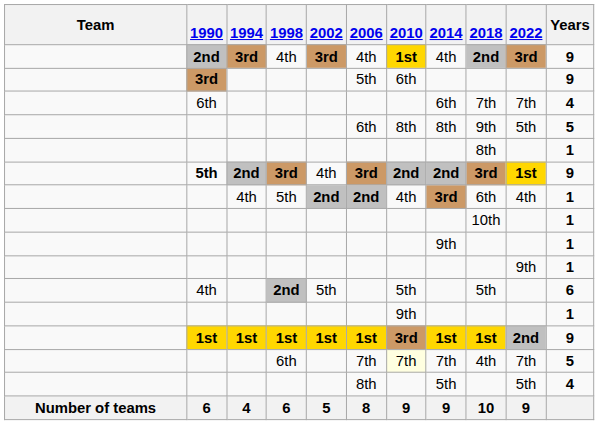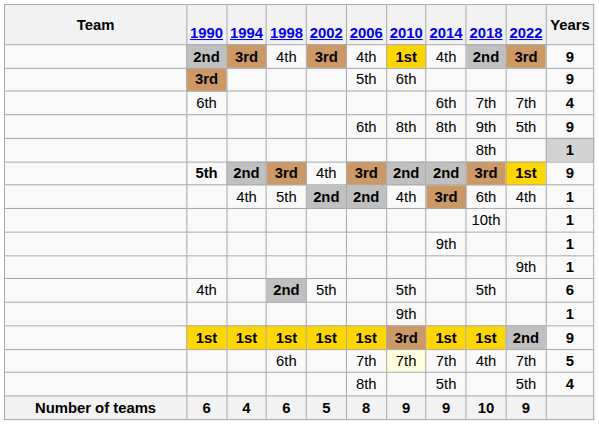 <table class="wikitable" style="text-align:center; font-size:90%">
 <tr>
 <th width=170>Team</th>
 <th width=25><br><a href='#'>1990</a></th>
 <th width=25><br><a href='#'>1994</a></th>
 <th width=25><br><a href='#'>1998</a></th>
 <th width=25><br><a href='#'>2002</a></th>
 <th width=25><br><a href='#'>2006</a></th>
 <th width=25><br><a href='#'>2010</a></th>
 <th width=25><br><a href='#'>2014</a></th>
 <th width=25><br><a href='#'>2018</a></th>
 <th width=25><br><a href='#'>2022</a></th>
 <th width=40>Years</th>
 </tr>
 <tr>
 <td align=left></td>
 <td bgcolor=silver><strong>2nd</strong></td>
 <td bgcolor=cc9966><strong>3rd</strong></td>
 <td>4th</td>
 <td bgcolor=cc9966><strong>3rd</strong></td>
 <td>4th</td>
 <td bgcolor=gold><strong>1st</strong></td>
 <td>4th</td>
 <td bgcolor=silver><strong>2nd</strong></td>
 <td bgcolor=cc9966><strong>3rd</strong></td>
 <td><strong>9</strong></td>
 </tr>
 <tr>
 <td align=left></td>
 <td bgcolor=cc9966><strong>3rd</strong></td>
 <td></td>
 <td></td>
 <td></td>
 <td>5th</td>
 <td>6th</td>
 <td></td>
 <td></td>
 <td></td>
 <td><strong>9</strong></td>
 </tr>
 <tr>
 <td align=left></td>
 <td>6th</td>
 <td></td>
 <td></td>
 <td></td>
 <td></td>
 <td></td>
 <td>6th</td>
 <td>7th</td>
 <td>7th</td>
 <td><strong>4</strong></td>
 </tr>
 <tr>
 <td align=left></td>
 <td></td>
 <td></td>
 <td></td>
 <td></td>
 <td>6th</td>
 <td>8th</td>
 <td>8th</td>
 <td>9th</td>
 <td>5th</td>
-<td><strong>5</strong></td>
+<td><strong>9</strong></td>
 </tr>
 <tr>
 <td align=left></td>
 <td></td>
 <td></td>
 <td></td>
 <td></td>
 <td></td>
 <td></td>
 <td></td>
 <td>8th</td>
 <td></td>
-<td><strong>1</strong></td>
+<td style="background: lightgrey;"><strong>1</strong></td>
 </tr>
 <tr>
 <td align=left></td>
 <td><strong>5th</strong></td>
 <td bgcolor=silver><strong>2nd</strong></td>
 <td bgcolor=cc9966><strong>3rd</strong></td>
 <td>4th</td>
 <td bgcolor=cc9966><strong>3rd</strong></td>
 <td bgcolor=silver><strong>2nd</strong></td>
 <td bgcolor=silver><strong>2nd</strong></td>
 <td bgcolor=cc9966><strong>3rd</strong></td>
 <td bgcolor=gold><strong>1st</strong></td>
 <td><strong>9</strong></td>
 </tr>
 <tr>
 <td align=left></td>
 <td></td>
 <td>4th</td>
 <td>5th</td>
 <td bgcolor=silver><strong>2nd</strong></td>
 <td bgcolor=silver><strong>2nd</strong></td>
 <td>4th</td>
 <td bgcolor=cc9966><strong>3rd</strong></td>
 <td>6th</td>
 <td>4th</td>
 <td><strong>1</strong></td>
 </tr>
 <tr>
 <td align=left></td>
 <td></td>
 <td></td>
 <td></td>
 <td></td>
 <td></td>
 <td></td>
 <td></td>
 <td>10th</td>
 <td></td>
 <td><strong>1</strong></td>
 </tr>
 <tr>
 <td align=left></td>
 <td></td>
 <td></td>
 <td></td>
 <td></td>
 <td></td>
 <td></td>
 <td>9th</td>
 <td></td>
 <td></td>
 <td><strong>1</strong></td>
 </tr>
 <tr>
 <td align=left></td>
 <td></td>
 <td></td>
 <td></td>
 <td></td>
 <td></td>
 <td></td>
 <td></td>
 <td></td>
 <td>9th</td>
 <td><strong>1</strong></td>
 </tr>
 <tr>
 <td align=left></td>
 <td>4th</td>
 <td></td>
 <td bgcolor=silver><strong>2nd</strong></td>
 <td>5th</td>
 <td></td>
 <td>5th</td>
 <td></td>
 <td>5th</td>
 <td></td>
 <td><strong>6</strong></td>
 </tr>
 <tr>
 <td align=left></td>
 <td></td>
 <td></td>
 <td></td>
 <td></td>
 <td></td>
 <td>9th</td>
 <td></td>
 <td></td>
 <td></td>
 <td><strong>1</strong></td>
 </tr>
 <tr>
 <td align=left></td>
 <td bgcolor=gold><strong>1st</strong></td>
 <td bgcolor=gold><strong>1st</strong></td>
 <td bgcolor=gold><strong>1st</strong></td>
 <td bgcolor=gold><strong>1st</strong></td>
 <td bgcolor=gold><strong>1st</strong></td>
 <td bgcolor=cc9966><strong>3rd</strong></td>
 <td bgcolor=gold><strong>1st</strong></td>
 <td bgcolor=gold><strong>1st</strong></td>
 <td bgcolor=silver><strong>2nd</strong></td>
 <td><strong>9</strong></td>
 </tr>
 <tr>
 <td align=left></td>
 <td></td>
 <td></td>
 <td>6th</td>
 <td></td>
 <td>7th</td>
 <td style="background: lightyellow;">7th</td>
 <td>7th</td>
 <td>4th</td>
 <td>7th</td>
 <td><strong>5</strong></td>
 </tr>
 <tr>
 <td align=left></td>
 <td></td>
 <td></td>
 <td></td>
 <td></td>
 <td>8th</td>
 <td></td>
 <td>5th</td>
 <td></td>
 <td>5th</td>
 <td><strong>4</strong></td>
 </tr>
 <tr>
 <th>Number of teams</th>
 <th>6</th>
 <th>4</th>
 <th>6</th>
 <th>5</th>
 <th>8</th>
 <th>9</th>
 <th>9</th>
 <th>10</th>
 <th>9</th>
 <th></th>
 </tr>
 </table>
